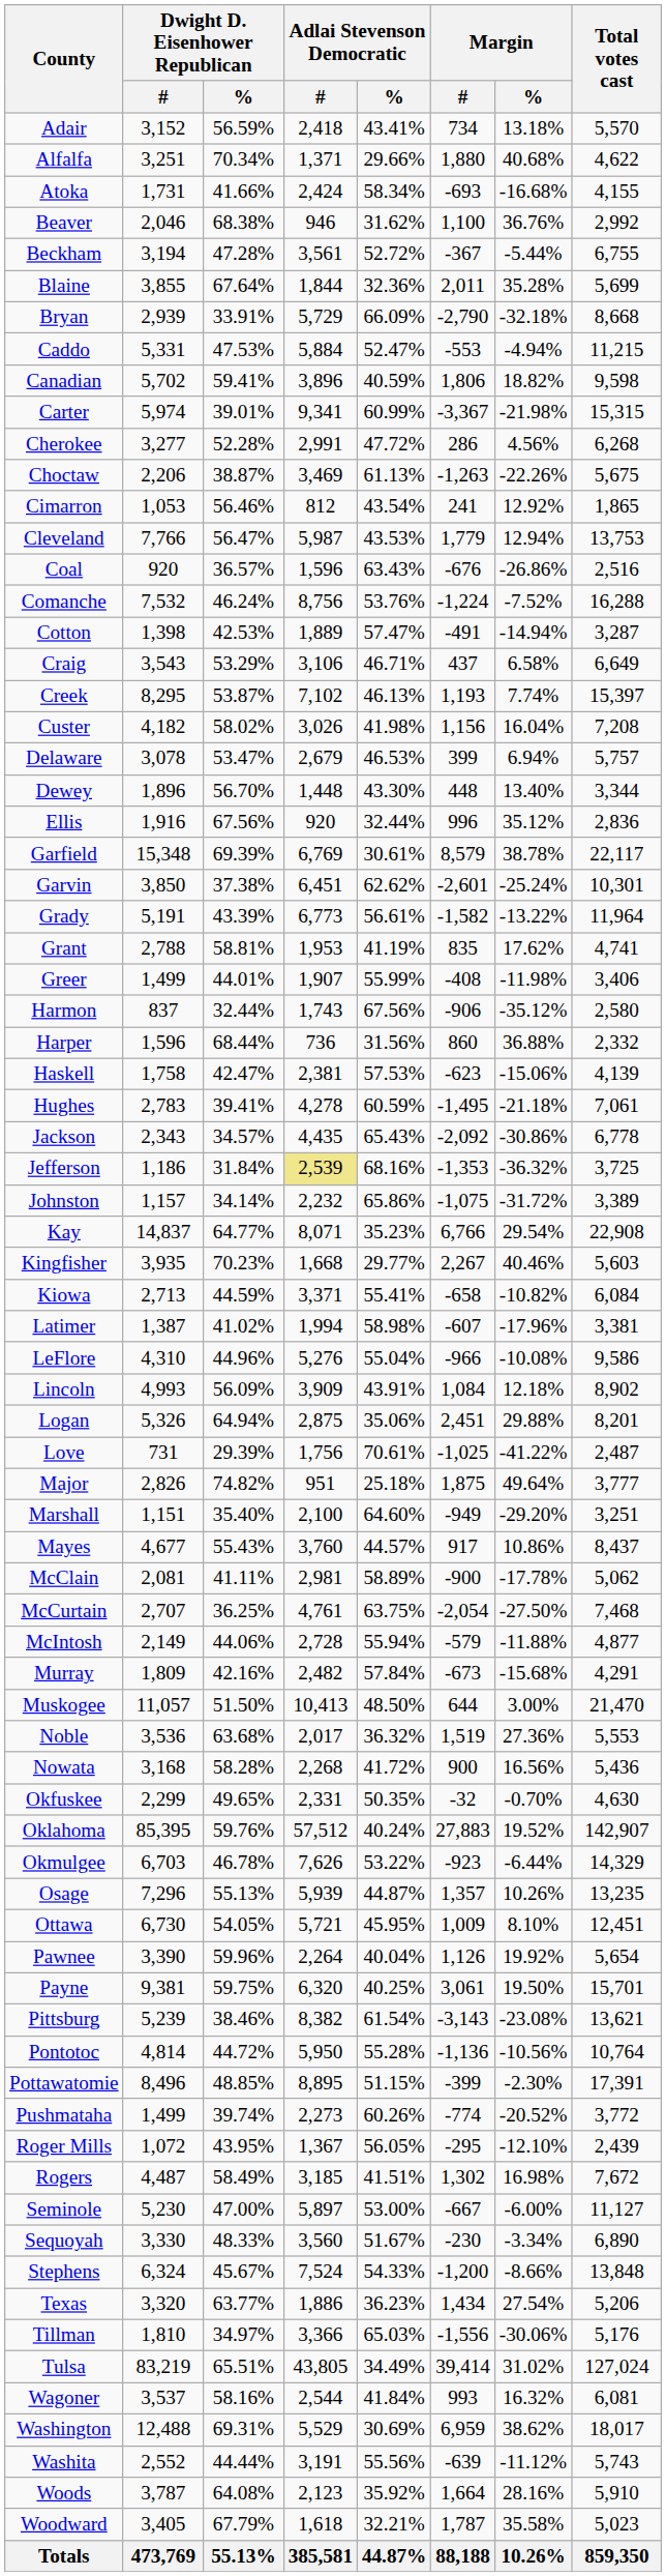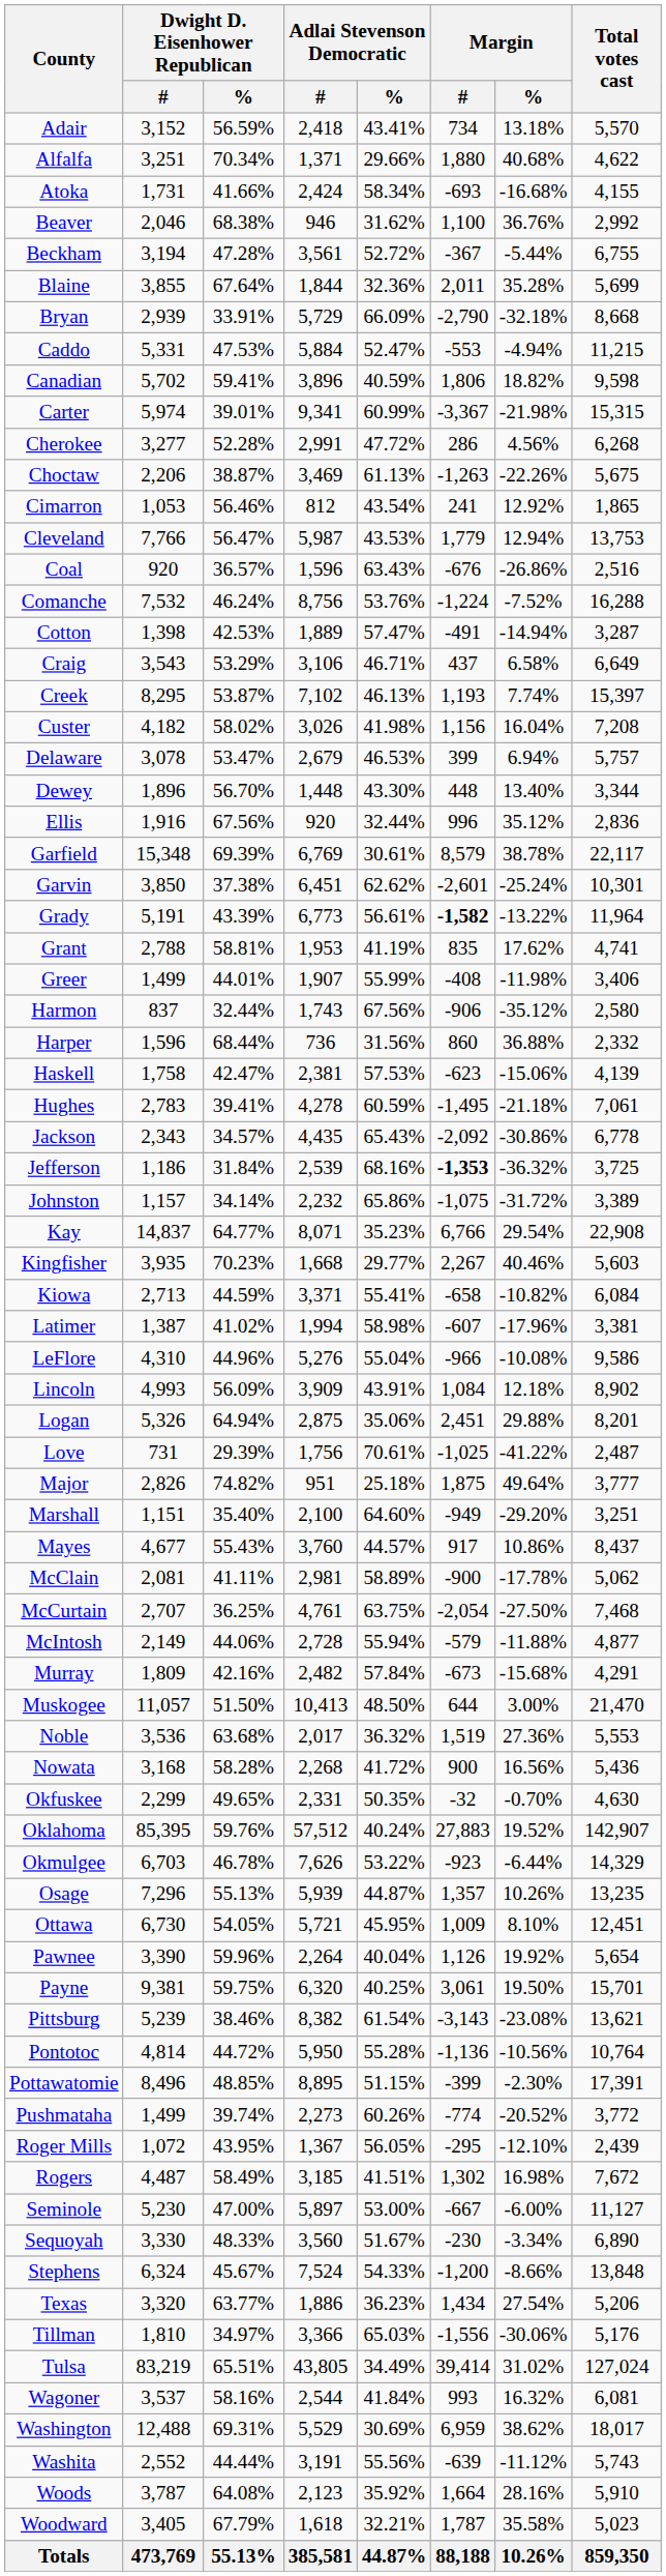 <table width="60%" class="wikitable sortable" style="text-align:center">
 <tr>
 <th style="text-align:center;" rowspan="2">County</th>
 <th style="text-align:center;" colspan="2">Dwight D. Eisenhower<br>Republican</th>
 <th style="text-align:center;" colspan="2">Adlai Stevenson<br>Democratic</th>
 <th style="text-align:center;" colspan="2">Margin</th>
 <th style="text-align:center;" rowspan="2">Total votes cast</th>
 </tr>
 <tr>
 <th style="text-align:center;" data-sort-type="number">#</th>
 <th style="text-align:center;" data-sort-type="number">%</th>
 <th style="text-align:center;" data-sort-type="number">#</th>
 <th style="text-align:center;" data-sort-type="number">%</th>
 <th style="text-align:center;" data-sort-type="number">#</th>
 <th style="text-align:center;" data-sort-type="number">%</th>
 </tr>
 <tr style="text-align:center;">
 <td><a href='#'>Adair</a></td>
 <td>3,152</td>
 <td>56.59%</td>
 <td>2,418</td>
 <td>43.41%</td>
 <td>734</td>
 <td>13.18%</td>
 <td>5,570</td>
 </tr>
 <tr style="text-align:center;">
 <td><a href='#'>Alfalfa</a></td>
 <td>3,251</td>
 <td>70.34%</td>
 <td>1,371</td>
 <td>29.66%</td>
 <td>1,880</td>
 <td>40.68%</td>
 <td>4,622</td>
 </tr>
 <tr style="text-align:center;">
 <td><a href='#'>Atoka</a></td>
 <td>1,731</td>
 <td>41.66%</td>
 <td>2,424</td>
 <td>58.34%</td>
 <td>-693</td>
 <td>-16.68%</td>
 <td>4,155</td>
 </tr>
 <tr style="text-align:center;">
 <td><a href='#'>Beaver</a></td>
 <td>2,046</td>
 <td>68.38%</td>
 <td>946</td>
 <td>31.62%</td>
 <td>1,100</td>
 <td>36.76%</td>
 <td>2,992</td>
 </tr>
 <tr style="text-align:center;">
 <td><a href='#'>Beckham</a></td>
 <td>3,194</td>
 <td>47.28%</td>
 <td>3,561</td>
 <td>52.72%</td>
 <td>-367</td>
 <td>-5.44%</td>
 <td>6,755</td>
 </tr>
 <tr style="text-align:center;">
 <td><a href='#'>Blaine</a></td>
 <td>3,855</td>
 <td>67.64%</td>
 <td>1,844</td>
 <td>32.36%</td>
 <td>2,011</td>
 <td>35.28%</td>
 <td>5,699</td>
 </tr>
 <tr style="text-align:center;">
 <td><a href='#'>Bryan</a></td>
 <td>2,939</td>
 <td>33.91%</td>
 <td>5,729</td>
 <td>66.09%</td>
 <td>-2,790</td>
 <td>-32.18%</td>
 <td>8,668</td>
 </tr>
 <tr style="text-align:center;">
 <td><a href='#'>Caddo</a></td>
 <td>5,331</td>
 <td>47.53%</td>
 <td>5,884</td>
 <td>52.47%</td>
 <td>-553</td>
 <td>-4.94%</td>
 <td>11,215</td>
 </tr>
 <tr style="text-align:center;">
 <td><a href='#'>Canadian</a></td>
 <td>5,702</td>
 <td>59.41%</td>
 <td>3,896</td>
 <td>40.59%</td>
 <td>1,806</td>
 <td>18.82%</td>
 <td>9,598</td>
 </tr>
 <tr style="text-align:center;">
 <td><a href='#'>Carter</a></td>
 <td>5,974</td>
 <td>39.01%</td>
 <td>9,341</td>
 <td>60.99%</td>
 <td>-3,367</td>
 <td>-21.98%</td>
 <td>15,315</td>
 </tr>
 <tr style="text-align:center;">
 <td><a href='#'>Cherokee</a></td>
 <td>3,277</td>
 <td>52.28%</td>
 <td>2,991</td>
 <td>47.72%</td>
 <td>286</td>
 <td>4.56%</td>
 <td>6,268</td>
 </tr>
 <tr style="text-align:center;">
 <td><a href='#'>Choctaw</a></td>
 <td>2,206</td>
 <td>38.87%</td>
 <td>3,469</td>
 <td>61.13%</td>
 <td>-1,263</td>
 <td>-22.26%</td>
 <td>5,675</td>
 </tr>
 <tr style="text-align:center;">
 <td><a href='#'>Cimarron</a></td>
 <td>1,053</td>
 <td>56.46%</td>
 <td>812</td>
 <td>43.54%</td>
 <td>241</td>
 <td>12.92%</td>
 <td>1,865</td>
 </tr>
 <tr style="text-align:center;">
 <td><a href='#'>Cleveland</a></td>
 <td>7,766</td>
 <td>56.47%</td>
 <td>5,987</td>
 <td>43.53%</td>
 <td>1,779</td>
 <td>12.94%</td>
 <td>13,753</td>
 </tr>
 <tr style="text-align:center;">
 <td><a href='#'>Coal</a></td>
 <td>920</td>
 <td>36.57%</td>
 <td>1,596</td>
 <td>63.43%</td>
 <td>-676</td>
 <td>-26.86%</td>
 <td>2,516</td>
 </tr>
 <tr style="text-align:center;">
 <td><a href='#'>Comanche</a></td>
 <td>7,532</td>
 <td>46.24%</td>
 <td>8,756</td>
 <td>53.76%</td>
 <td>-1,224</td>
 <td>-7.52%</td>
 <td>16,288</td>
 </tr>
 <tr style="text-align:center;">
 <td><a href='#'>Cotton</a></td>
 <td>1,398</td>
 <td>42.53%</td>
 <td>1,889</td>
 <td>57.47%</td>
 <td>-491</td>
 <td>-14.94%</td>
 <td>3,287</td>
 </tr>
 <tr style="text-align:center;">
 <td><a href='#'>Craig</a></td>
 <td>3,543</td>
 <td>53.29%</td>
 <td>3,106</td>
 <td>46.71%</td>
 <td>437</td>
 <td>6.58%</td>
 <td>6,649</td>
 </tr>
 <tr style="text-align:center;">
 <td><a href='#'>Creek</a></td>
 <td>8,295</td>
 <td>53.87%</td>
 <td>7,102</td>
 <td>46.13%</td>
 <td>1,193</td>
 <td>7.74%</td>
 <td>15,397</td>
 </tr>
 <tr style="text-align:center;">
 <td><a href='#'>Custer</a></td>
 <td>4,182</td>
 <td>58.02%</td>
 <td>3,026</td>
 <td>41.98%</td>
 <td>1,156</td>
 <td>16.04%</td>
 <td>7,208</td>
 </tr>
 <tr style="text-align:center;">
 <td><a href='#'>Delaware</a></td>
 <td>3,078</td>
 <td>53.47%</td>
 <td>2,679</td>
 <td>46.53%</td>
 <td>399</td>
 <td>6.94%</td>
 <td>5,757</td>
 </tr>
 <tr style="text-align:center;">
 <td><a href='#'>Dewey</a></td>
 <td>1,896</td>
 <td>56.70%</td>
 <td>1,448</td>
 <td>43.30%</td>
 <td>448</td>
 <td>13.40%</td>
 <td>3,344</td>
 </tr>
 <tr style="text-align:center;">
 <td><a href='#'>Ellis</a></td>
 <td>1,916</td>
 <td>67.56%</td>
 <td>920</td>
 <td>32.44%</td>
 <td>996</td>
 <td>35.12%</td>
 <td>2,836</td>
 </tr>
 <tr style="text-align:center;">
 <td><a href='#'>Garfield</a></td>
 <td>15,348</td>
 <td>69.39%</td>
 <td>6,769</td>
 <td>30.61%</td>
 <td>8,579</td>
 <td>38.78%</td>
 <td>22,117</td>
 </tr>
 <tr style="text-align:center;">
 <td><a href='#'>Garvin</a></td>
 <td>3,850</td>
 <td>37.38%</td>
 <td>6,451</td>
 <td>62.62%</td>
 <td>-2,601</td>
 <td>-25.24%</td>
 <td>10,301</td>
 </tr>
 <tr style="text-align:center;">
 <td><a href='#'>Grady</a></td>
 <td>5,191</td>
 <td>43.39%</td>
 <td>6,773</td>
 <td>56.61%</td>
-<td>-1,582</td>
+<td><strong>-1,582</strong></td>
 <td>-13.22%</td>
 <td>11,964</td>
 </tr>
 <tr style="text-align:center;">
 <td><a href='#'>Grant</a></td>
 <td>2,788</td>
 <td>58.81%</td>
 <td>1,953</td>
 <td>41.19%</td>
 <td>835</td>
 <td>17.62%</td>
 <td>4,741</td>
 </tr>
 <tr style="text-align:center;">
 <td><a href='#'>Greer</a></td>
 <td>1,499</td>
 <td>44.01%</td>
 <td>1,907</td>
 <td>55.99%</td>
 <td>-408</td>
 <td>-11.98%</td>
 <td>3,406</td>
 </tr>
 <tr style="text-align:center;">
 <td><a href='#'>Harmon</a></td>
 <td>837</td>
 <td>32.44%</td>
 <td>1,743</td>
 <td>67.56%</td>
 <td>-906</td>
 <td>-35.12%</td>
 <td>2,580</td>
 </tr>
 <tr style="text-align:center;">
 <td><a href='#'>Harper</a></td>
 <td>1,596</td>
 <td>68.44%</td>
 <td>736</td>
 <td>31.56%</td>
 <td>860</td>
 <td>36.88%</td>
 <td>2,332</td>
 </tr>
 <tr style="text-align:center;">
 <td><a href='#'>Haskell</a></td>
 <td>1,758</td>
 <td>42.47%</td>
 <td>2,381</td>
 <td>57.53%</td>
 <td>-623</td>
 <td>-15.06%</td>
 <td>4,139</td>
 </tr>
 <tr style="text-align:center;">
 <td><a href='#'>Hughes</a></td>
 <td>2,783</td>
 <td>39.41%</td>
 <td>4,278</td>
 <td>60.59%</td>
 <td>-1,495</td>
 <td>-21.18%</td>
 <td>7,061</td>
 </tr>
 <tr style="text-align:center;">
 <td><a href='#'>Jackson</a></td>
 <td>2,343</td>
 <td>34.57%</td>
 <td>4,435</td>
 <td>65.43%</td>
 <td>-2,092</td>
 <td>-30.86%</td>
 <td>6,778</td>
 </tr>
 <tr style="text-align:center;">
 <td><a href='#'>Jefferson</a></td>
 <td>1,186</td>
 <td>31.84%</td>
-<td style="background: khaki;">2,539</td>
+<td>2,539</td>
 <td>68.16%</td>
-<td>-1,353</td>
+<td><strong>-1,353</strong></td>
 <td>-36.32%</td>
 <td>3,725</td>
 </tr>
 <tr style="text-align:center;">
 <td><a href='#'>Johnston</a></td>
 <td>1,157</td>
 <td>34.14%</td>
 <td>2,232</td>
 <td>65.86%</td>
 <td>-1,075</td>
 <td>-31.72%</td>
 <td>3,389</td>
 </tr>
 <tr style="text-align:center;">
 <td><a href='#'>Kay</a></td>
 <td>14,837</td>
 <td>64.77%</td>
 <td>8,071</td>
 <td>35.23%</td>
 <td>6,766</td>
 <td>29.54%</td>
 <td>22,908</td>
 </tr>
 <tr style="text-align:center;">
 <td><a href='#'>Kingfisher</a></td>
 <td>3,935</td>
 <td>70.23%</td>
 <td>1,668</td>
 <td>29.77%</td>
 <td>2,267</td>
 <td>40.46%</td>
 <td>5,603</td>
 </tr>
 <tr style="text-align:center;">
 <td><a href='#'>Kiowa</a></td>
 <td>2,713</td>
 <td>44.59%</td>
 <td>3,371</td>
 <td>55.41%</td>
 <td>-658</td>
 <td>-10.82%</td>
 <td>6,084</td>
 </tr>
 <tr style="text-align:center;">
 <td><a href='#'>Latimer</a></td>
 <td>1,387</td>
 <td>41.02%</td>
 <td>1,994</td>
 <td>58.98%</td>
 <td>-607</td>
 <td>-17.96%</td>
 <td>3,381</td>
 </tr>
 <tr style="text-align:center;">
 <td><a href='#'>LeFlore</a></td>
 <td>4,310</td>
 <td>44.96%</td>
 <td>5,276</td>
 <td>55.04%</td>
 <td>-966</td>
 <td>-10.08%</td>
 <td>9,586</td>
 </tr>
 <tr style="text-align:center;">
 <td><a href='#'>Lincoln</a></td>
 <td>4,993</td>
 <td>56.09%</td>
 <td>3,909</td>
 <td>43.91%</td>
 <td>1,084</td>
 <td>12.18%</td>
 <td>8,902</td>
 </tr>
 <tr style="text-align:center;">
 <td><a href='#'>Logan</a></td>
 <td>5,326</td>
 <td>64.94%</td>
 <td>2,875</td>
 <td>35.06%</td>
 <td>2,451</td>
 <td>29.88%</td>
 <td>8,201</td>
 </tr>
 <tr style="text-align:center;">
 <td><a href='#'>Love</a></td>
 <td>731</td>
 <td>29.39%</td>
 <td>1,756</td>
 <td>70.61%</td>
 <td>-1,025</td>
 <td>-41.22%</td>
 <td>2,487</td>
 </tr>
 <tr style="text-align:center;">
 <td><a href='#'>Major</a></td>
 <td>2,826</td>
 <td>74.82%</td>
 <td>951</td>
 <td>25.18%</td>
 <td>1,875</td>
 <td>49.64%</td>
 <td>3,777</td>
 </tr>
 <tr style="text-align:center;">
 <td><a href='#'>Marshall</a></td>
 <td>1,151</td>
 <td>35.40%</td>
 <td>2,100</td>
 <td>64.60%</td>
 <td>-949</td>
 <td>-29.20%</td>
 <td>3,251</td>
 </tr>
 <tr style="text-align:center;">
 <td><a href='#'>Mayes</a></td>
 <td>4,677</td>
 <td>55.43%</td>
 <td>3,760</td>
 <td>44.57%</td>
 <td>917</td>
 <td>10.86%</td>
 <td>8,437</td>
 </tr>
 <tr style="text-align:center;">
 <td><a href='#'>McClain</a></td>
 <td>2,081</td>
 <td>41.11%</td>
 <td>2,981</td>
 <td>58.89%</td>
 <td>-900</td>
 <td>-17.78%</td>
 <td>5,062</td>
 </tr>
 <tr style="text-align:center;">
 <td><a href='#'>McCurtain</a></td>
 <td>2,707</td>
 <td>36.25%</td>
 <td>4,761</td>
 <td>63.75%</td>
 <td>-2,054</td>
 <td>-27.50%</td>
 <td>7,468</td>
 </tr>
 <tr style="text-align:center;">
 <td><a href='#'>McIntosh</a></td>
 <td>2,149</td>
 <td>44.06%</td>
 <td>2,728</td>
 <td>55.94%</td>
 <td>-579</td>
 <td>-11.88%</td>
 <td>4,877</td>
 </tr>
 <tr style="text-align:center;">
 <td><a href='#'>Murray</a></td>
 <td>1,809</td>
 <td>42.16%</td>
 <td>2,482</td>
 <td>57.84%</td>
 <td>-673</td>
 <td>-15.68%</td>
 <td>4,291</td>
 </tr>
 <tr style="text-align:center;">
 <td><a href='#'>Muskogee</a></td>
 <td>11,057</td>
 <td>51.50%</td>
 <td>10,413</td>
 <td>48.50%</td>
 <td>644</td>
 <td>3.00%</td>
 <td>21,470</td>
 </tr>
 <tr style="text-align:center;">
 <td><a href='#'>Noble</a></td>
 <td>3,536</td>
 <td>63.68%</td>
 <td>2,017</td>
 <td>36.32%</td>
 <td>1,519</td>
 <td>27.36%</td>
 <td>5,553</td>
 </tr>
 <tr style="text-align:center;">
 <td><a href='#'>Nowata</a></td>
 <td>3,168</td>
 <td>58.28%</td>
 <td>2,268</td>
 <td>41.72%</td>
 <td>900</td>
 <td>16.56%</td>
 <td>5,436</td>
 </tr>
 <tr style="text-align:center;">
 <td><a href='#'>Okfuskee</a></td>
 <td>2,299</td>
 <td>49.65%</td>
 <td>2,331</td>
 <td>50.35%</td>
 <td>-32</td>
 <td>-0.70%</td>
 <td>4,630</td>
 </tr>
 <tr style="text-align:center;">
 <td><a href='#'>Oklahoma</a></td>
 <td>85,395</td>
 <td>59.76%</td>
 <td>57,512</td>
 <td>40.24%</td>
 <td>27,883</td>
 <td>19.52%</td>
 <td>142,907</td>
 </tr>
 <tr style="text-align:center;">
 <td><a href='#'>Okmulgee</a></td>
 <td>6,703</td>
 <td>46.78%</td>
 <td>7,626</td>
 <td>53.22%</td>
 <td>-923</td>
 <td>-6.44%</td>
 <td>14,329</td>
 </tr>
 <tr style="text-align:center;">
 <td><a href='#'>Osage</a></td>
 <td>7,296</td>
 <td>55.13%</td>
 <td>5,939</td>
 <td>44.87%</td>
 <td>1,357</td>
 <td>10.26%</td>
 <td>13,235</td>
 </tr>
 <tr style="text-align:center;">
 <td><a href='#'>Ottawa</a></td>
 <td>6,730</td>
 <td>54.05%</td>
 <td>5,721</td>
 <td>45.95%</td>
 <td>1,009</td>
 <td>8.10%</td>
 <td>12,451</td>
 </tr>
 <tr style="text-align:center;">
 <td><a href='#'>Pawnee</a></td>
 <td>3,390</td>
 <td>59.96%</td>
 <td>2,264</td>
 <td>40.04%</td>
 <td>1,126</td>
 <td>19.92%</td>
 <td>5,654</td>
 </tr>
 <tr style="text-align:center;">
 <td><a href='#'>Payne</a></td>
 <td>9,381</td>
 <td>59.75%</td>
 <td>6,320</td>
 <td>40.25%</td>
 <td>3,061</td>
 <td>19.50%</td>
 <td>15,701</td>
 </tr>
 <tr style="text-align:center;">
 <td><a href='#'>Pittsburg</a></td>
 <td>5,239</td>
 <td>38.46%</td>
 <td>8,382</td>
 <td>61.54%</td>
 <td>-3,143</td>
 <td>-23.08%</td>
 <td>13,621</td>
 </tr>
 <tr style="text-align:center;">
 <td><a href='#'>Pontotoc</a></td>
 <td>4,814</td>
 <td>44.72%</td>
 <td>5,950</td>
 <td>55.28%</td>
 <td>-1,136</td>
 <td>-10.56%</td>
 <td>10,764</td>
 </tr>
 <tr style="text-align:center;">
 <td><a href='#'>Pottawatomie</a></td>
 <td>8,496</td>
 <td>48.85%</td>
 <td>8,895</td>
 <td>51.15%</td>
 <td>-399</td>
 <td>-2.30%</td>
 <td>17,391</td>
 </tr>
 <tr style="text-align:center;">
 <td><a href='#'>Pushmataha</a></td>
 <td>1,499</td>
 <td>39.74%</td>
 <td>2,273</td>
 <td>60.26%</td>
 <td>-774</td>
 <td>-20.52%</td>
 <td>3,772</td>
 </tr>
 <tr style="text-align:center;">
 <td><a href='#'>Roger Mills</a></td>
 <td>1,072</td>
 <td>43.95%</td>
 <td>1,367</td>
 <td>56.05%</td>
 <td>-295</td>
 <td>-12.10%</td>
 <td>2,439</td>
 </tr>
 <tr style="text-align:center;">
 <td><a href='#'>Rogers</a></td>
 <td>4,487</td>
 <td>58.49%</td>
 <td>3,185</td>
 <td>41.51%</td>
 <td>1,302</td>
 <td>16.98%</td>
 <td>7,672</td>
 </tr>
 <tr style="text-align:center;">
 <td><a href='#'>Seminole</a></td>
 <td>5,230</td>
 <td>47.00%</td>
 <td>5,897</td>
 <td>53.00%</td>
 <td>-667</td>
 <td>-6.00%</td>
 <td>11,127</td>
 </tr>
 <tr style="text-align:center;">
 <td><a href='#'>Sequoyah</a></td>
 <td>3,330</td>
 <td>48.33%</td>
 <td>3,560</td>
 <td>51.67%</td>
 <td>-230</td>
 <td>-3.34%</td>
 <td>6,890</td>
 </tr>
 <tr style="text-align:center;">
 <td><a href='#'>Stephens</a></td>
 <td>6,324</td>
 <td>45.67%</td>
 <td>7,524</td>
 <td>54.33%</td>
 <td>-1,200</td>
 <td>-8.66%</td>
 <td>13,848</td>
 </tr>
 <tr style="text-align:center;">
 <td><a href='#'>Texas</a></td>
 <td>3,320</td>
 <td>63.77%</td>
 <td>1,886</td>
 <td>36.23%</td>
 <td>1,434</td>
 <td>27.54%</td>
 <td>5,206</td>
 </tr>
 <tr style="text-align:center;">
 <td><a href='#'>Tillman</a></td>
 <td>1,810</td>
 <td>34.97%</td>
 <td>3,366</td>
 <td>65.03%</td>
 <td>-1,556</td>
 <td>-30.06%</td>
 <td>5,176</td>
 </tr>
 <tr style="text-align:center;">
 <td><a href='#'>Tulsa</a></td>
 <td>83,219</td>
 <td>65.51%</td>
 <td>43,805</td>
 <td>34.49%</td>
 <td>39,414</td>
 <td>31.02%</td>
 <td>127,024</td>
 </tr>
 <tr style="text-align:center;">
 <td><a href='#'>Wagoner</a></td>
 <td>3,537</td>
 <td>58.16%</td>
 <td>2,544</td>
 <td>41.84%</td>
 <td>993</td>
 <td>16.32%</td>
 <td>6,081</td>
 </tr>
 <tr style="text-align:center;">
 <td><a href='#'>Washington</a></td>
 <td>12,488</td>
 <td>69.31%</td>
 <td>5,529</td>
 <td>30.69%</td>
 <td>6,959</td>
 <td>38.62%</td>
 <td>18,017</td>
 </tr>
 <tr style="text-align:center;">
 <td><a href='#'>Washita</a></td>
 <td>2,552</td>
 <td>44.44%</td>
 <td>3,191</td>
 <td>55.56%</td>
 <td>-639</td>
 <td>-11.12%</td>
 <td>5,743</td>
 </tr>
 <tr style="text-align:center;">
 <td><a href='#'>Woods</a></td>
 <td>3,787</td>
 <td>64.08%</td>
 <td>2,123</td>
 <td>35.92%</td>
 <td>1,664</td>
 <td>28.16%</td>
 <td>5,910</td>
 </tr>
 <tr style="text-align:center;">
 <td><a href='#'>Woodward</a></td>
 <td>3,405</td>
 <td>67.79%</td>
 <td>1,618</td>
 <td>32.21%</td>
 <td>1,787</td>
 <td>35.58%</td>
 <td>5,023</td>
 </tr>
 <tr style="text-align:center;">
 <th>Totals</th>
 <th>473,769</th>
 <th>55.13%</th>
 <th>385,581</th>
 <th>44.87%</th>
 <th>88,188</th>
 <th>10.26%</th>
 <th>859,350</th>
 </tr>
 </table>
